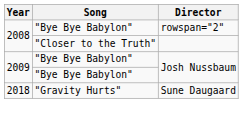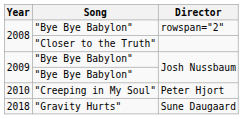 <table class="wikitable">
 <tr>
 <th>Year</th>
 <th>Song</th>
 <th>Director</th>
 </tr>
 <tr>
 <td rowspan="2">2008</td>
 <td>"Bye Bye Babylon" </td>
 <td>rowspan="2" </td>
 </tr>
 <tr>
 <td>"Closer to the Truth"</td>
 </tr>
 <tr>
 <td rowspan="2">2009</td>
 <td>"Bye Bye Babylon"</td>
 <td rowspan="2">Josh Nussbaum</td>
 </tr>
 <tr>
 <td>"Bye Bye Babylon" </td>
 </tr>
 <tr>
+<td>2010</td>
+<td>"Creeping in My Soul"</td>
+<td>Peter Hjort</td>
+</tr>
+<tr>
 <td>2018</td>
 <td>"Gravity Hurts" </td>
 <td>Sune Daugaard</td>
 </tr>
 </table>
